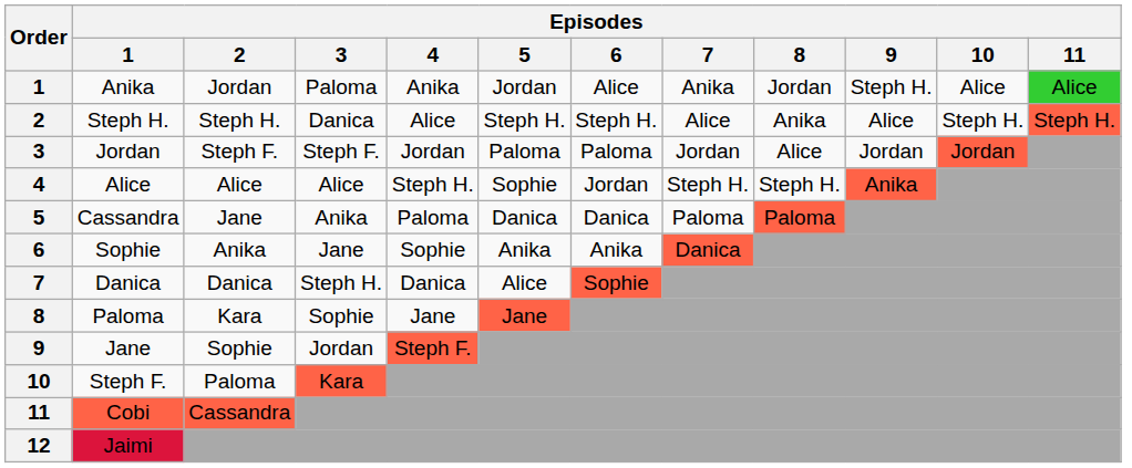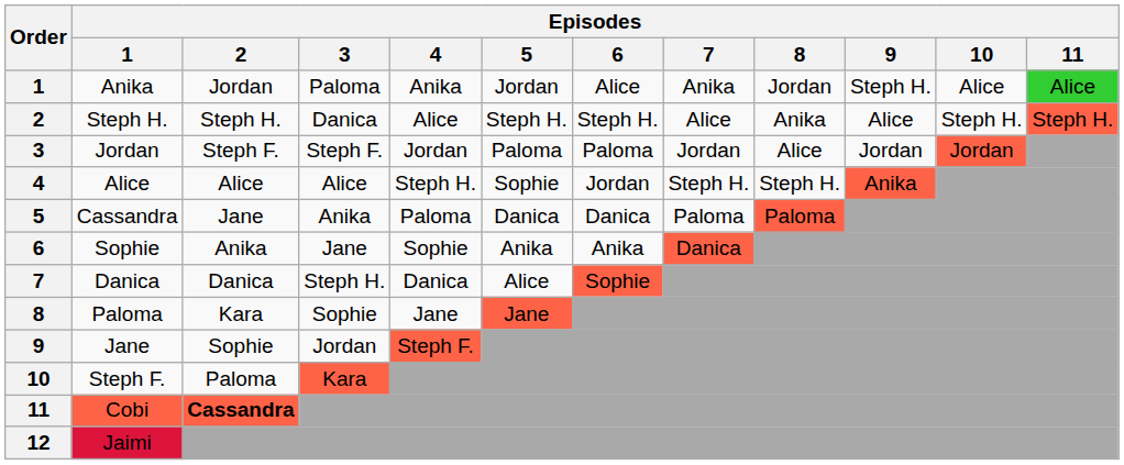 <table class="wikitable" style="text-align:center; font-size:92%">
 <tr>
 <th rowspan=2>Order</th>
 <th colspan=11>Episodes</th>
 </tr>
 <tr>
 <th>1</th>
 <th>2</th>
 <th>3</th>
 <th>4</th>
 <th>5</th>
 <th>6</th>
 <th>7</th>
 <th>8</th>
 <th>9</th>
 <th>10</th>
 <th>11</th>
 </tr>
 <tr>
 <th>1</th>
 <td>Anika</td>
 <td>Jordan</td>
 <td>Paloma</td>
 <td>Anika</td>
 <td>Jordan</td>
 <td>Alice</td>
 <td>Anika</td>
 <td>Jordan</td>
 <td>Steph H.</td>
 <td>Alice</td>
 <td bgcolor="limegreen">Alice</td>
 </tr>
 <tr>
 <th>2</th>
 <td>Steph H.</td>
 <td>Steph H.</td>
 <td>Danica</td>
 <td>Alice</td>
 <td>Steph H.</td>
 <td>Steph H.</td>
 <td>Alice</td>
 <td>Anika</td>
 <td>Alice</td>
 <td>Steph H.</td>
 <td bgcolor="tomato">Steph H.</td>
 </tr>
 <tr>
 <th>3</th>
 <td>Jordan</td>
 <td>Steph F.</td>
 <td>Steph F.</td>
 <td>Jordan</td>
 <td>Paloma</td>
 <td>Paloma</td>
 <td>Jordan</td>
 <td>Alice</td>
 <td>Jordan</td>
 <td bgcolor="tomato">Jordan</td>
 <td colspan="1" bgcolor="darkgrey"></td>
 </tr>
 <tr>
 <th>4</th>
 <td>Alice</td>
 <td>Alice</td>
 <td>Alice</td>
 <td>Steph H.</td>
 <td>Sophie</td>
 <td>Jordan</td>
 <td>Steph H.</td>
 <td>Steph H.</td>
 <td bgcolor="tomato">Anika</td>
 <td colspan="2" bgcolor="darkgrey"></td>
 </tr>
 <tr>
 <th>5</th>
 <td>Cassandra</td>
 <td>Jane</td>
 <td>Anika</td>
 <td>Paloma</td>
 <td>Danica</td>
 <td>Danica</td>
 <td>Paloma</td>
 <td bgcolor="tomato">Paloma</td>
 <td colspan="3" bgcolor="darkgrey"></td>
 </tr>
 <tr>
 <th>6</th>
 <td>Sophie</td>
 <td>Anika</td>
 <td>Jane</td>
 <td>Sophie</td>
 <td>Anika</td>
 <td>Anika</td>
 <td bgcolor="tomato">Danica</td>
 <td colspan="4" bgcolor="darkgrey"></td>
 </tr>
 <tr>
 <th>7</th>
 <td>Danica</td>
 <td>Danica</td>
 <td>Steph H.</td>
 <td>Danica</td>
 <td>Alice</td>
 <td bgcolor="tomato">Sophie</td>
 <td colspan="5" bgcolor="darkgrey"></td>
 </tr>
 <tr>
 <th>8</th>
 <td>Paloma</td>
 <td>Kara</td>
 <td>Sophie</td>
 <td>Jane</td>
 <td bgcolor="tomato">Jane</td>
 <td bgcolor="darkgrey" colspan=6></td>
 </tr>
 <tr>
 <th>9</th>
 <td>Jane</td>
 <td>Sophie</td>
 <td>Jordan</td>
 <td bgcolor="tomato">Steph F.</td>
 <td colspan="7" bgcolor="darkgrey"></td>
 </tr>
 <tr>
 <th>10</th>
 <td>Steph F.</td>
 <td>Paloma</td>
 <td bgcolor="tomato">Kara</td>
 <td colspan="8" bgcolor="darkgrey"></td>
 </tr>
 <tr>
 <th>11</th>
 <td bgcolor="tomato">Cobi</td>
-<td bgcolor="tomato">Cassandra</td>
+<td bgcolor="tomato"><strong>Cassandra</strong></td>
 <td bgcolor="darkgrey" colspan=9></td>
 </tr>
 <tr>
 <th>12</th>
 <td bgcolor="crimson"><span>Jaimi</span></td>
 <td bgcolor="darkgray" colspan="10"></td>
 </tr>
 </table>
